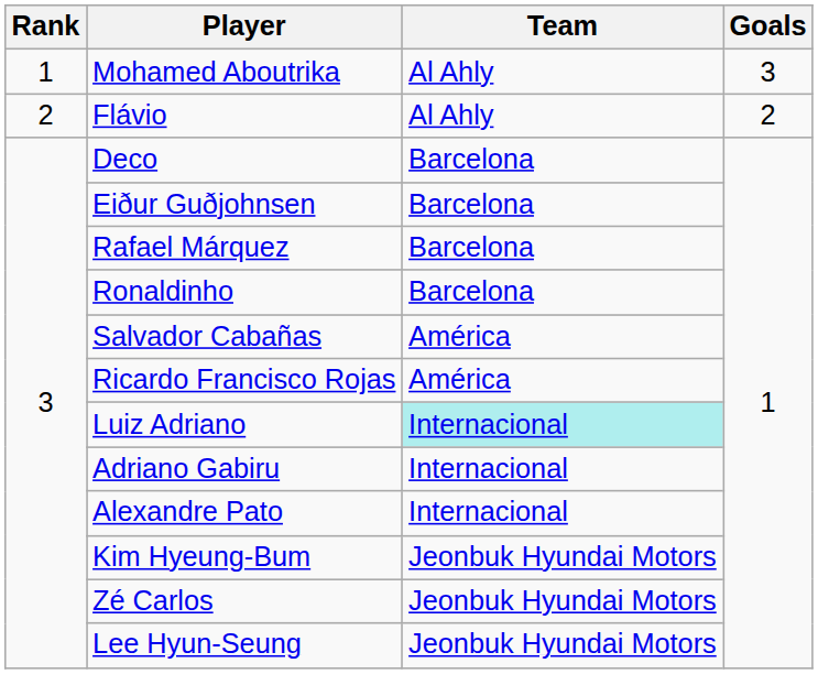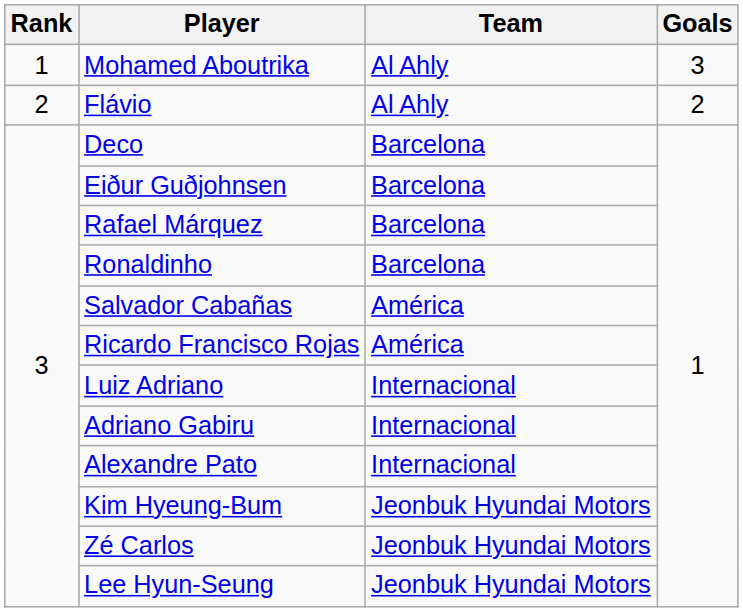 <table class="wikitable" style="text-align:center">
 <tr>
 <th>Rank</th>
 <th>Player</th>
 <th>Team</th>
 <th>Goals</th>
 </tr>
 <tr>
 <td>1</td>
 <td style="text-align:left"> <a href='#'>Mohamed Aboutrika</a></td>
 <td style="text-align:left"> <a href='#'>Al Ahly</a></td>
 <td>3</td>
 </tr>
 <tr>
 <td>2</td>
 <td style="text-align:left"> <a href='#'>Flávio</a></td>
 <td style="text-align:left"> <a href='#'>Al Ahly</a></td>
 <td>2</td>
 </tr>
 <tr>
 <td rowspan=12>3</td>
 <td style="text-align:left"> <a href='#'>Deco</a></td>
 <td style="text-align:left"> <a href='#'>Barcelona</a></td>
 <td rowspan=12>1</td>
 </tr>
 <tr>
 <td style="text-align:left"> <a href='#'>Eiður Guðjohnsen</a></td>
 <td style="text-align:left"> <a href='#'>Barcelona</a></td>
 </tr>
 <tr>
 <td style="text-align:left"> <a href='#'>Rafael Márquez</a></td>
 <td style="text-align:left"> <a href='#'>Barcelona</a></td>
 </tr>
 <tr>
 <td style="text-align:left"> <a href='#'>Ronaldinho</a></td>
 <td style="text-align:left"> <a href='#'>Barcelona</a></td>
 </tr>
 <tr>
 <td style="text-align:left"> <a href='#'>Salvador Cabañas</a></td>
 <td style="text-align:left"> <a href='#'>América</a></td>
 </tr>
 <tr>
 <td style="text-align:left"> <a href='#'>Ricardo Francisco Rojas</a></td>
 <td style="text-align:left"> <a href='#'>América</a></td>
 </tr>
 <tr>
 <td style="text-align:left"> <a href='#'>Luiz Adriano</a></td>
-<td style="background: paleturquoise; text-align:left"> <a href='#'>Internacional</a></td>
+<td style="text-align:left"> <a href='#'>Internacional</a></td>
 </tr>
 <tr>
 <td style="text-align:left"> <a href='#'>Adriano Gabiru</a></td>
 <td style="text-align:left"> <a href='#'>Internacional</a></td>
 </tr>
 <tr>
 <td style="text-align:left"> <a href='#'>Alexandre Pato</a></td>
 <td style="text-align:left"> <a href='#'>Internacional</a></td>
 </tr>
 <tr>
 <td style="text-align:left"> <a href='#'>Kim Hyeung-Bum</a></td>
 <td style="text-align:left"> <a href='#'>Jeonbuk Hyundai Motors</a></td>
 </tr>
 <tr>
 <td style="text-align:left"> <a href='#'>Zé Carlos</a></td>
 <td style="text-align:left"> <a href='#'>Jeonbuk Hyundai Motors</a></td>
 </tr>
 <tr>
 <td style="text-align:left"> <a href='#'>Lee Hyun-Seung</a></td>
 <td style="text-align:left"> <a href='#'>Jeonbuk Hyundai Motors</a></td>
 </tr>
 </table>
